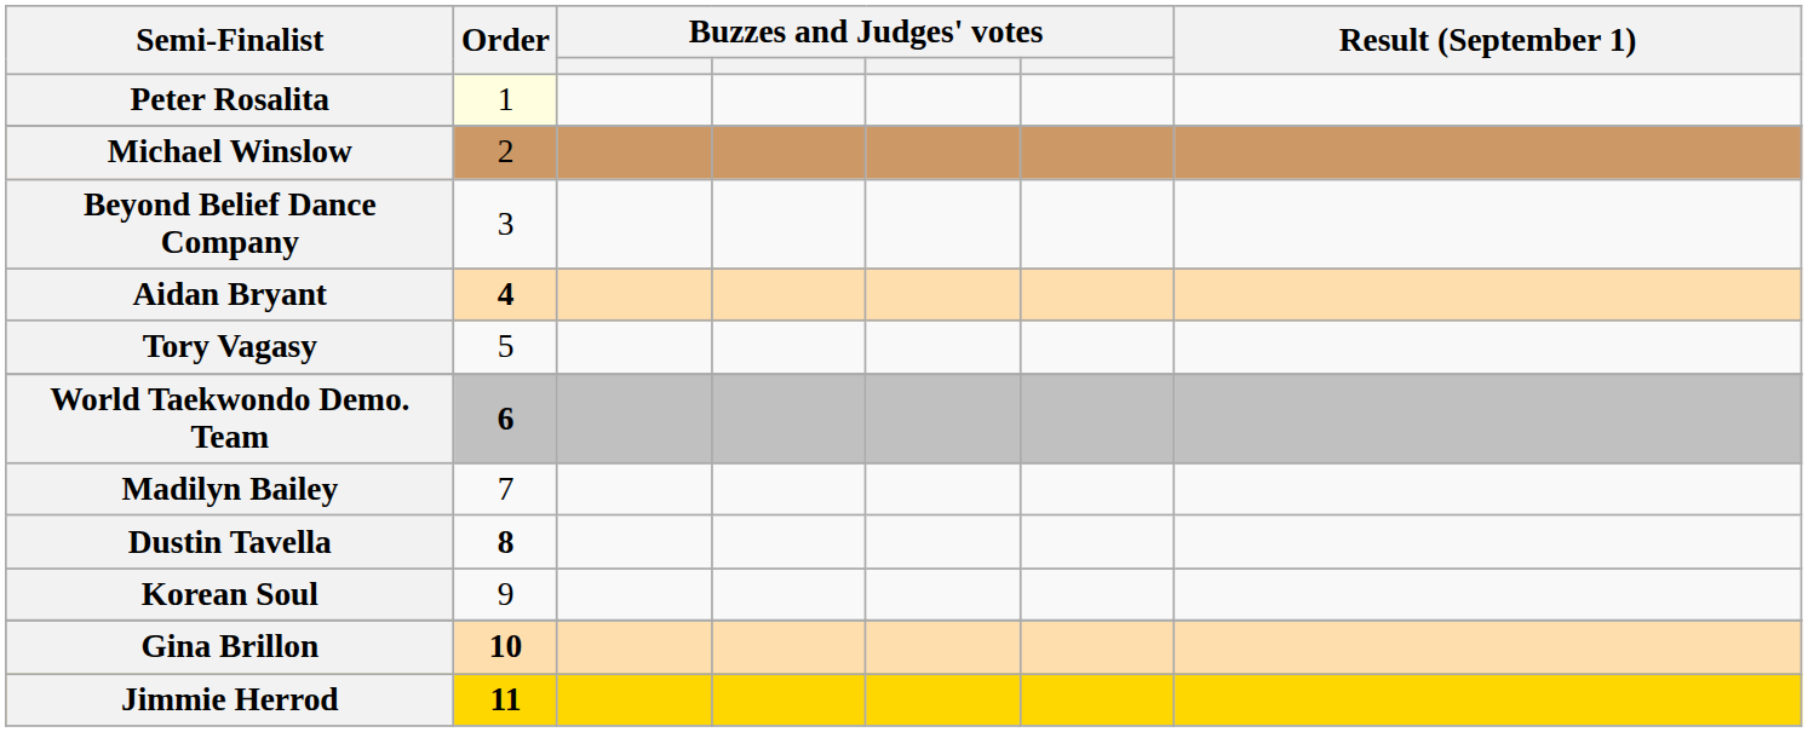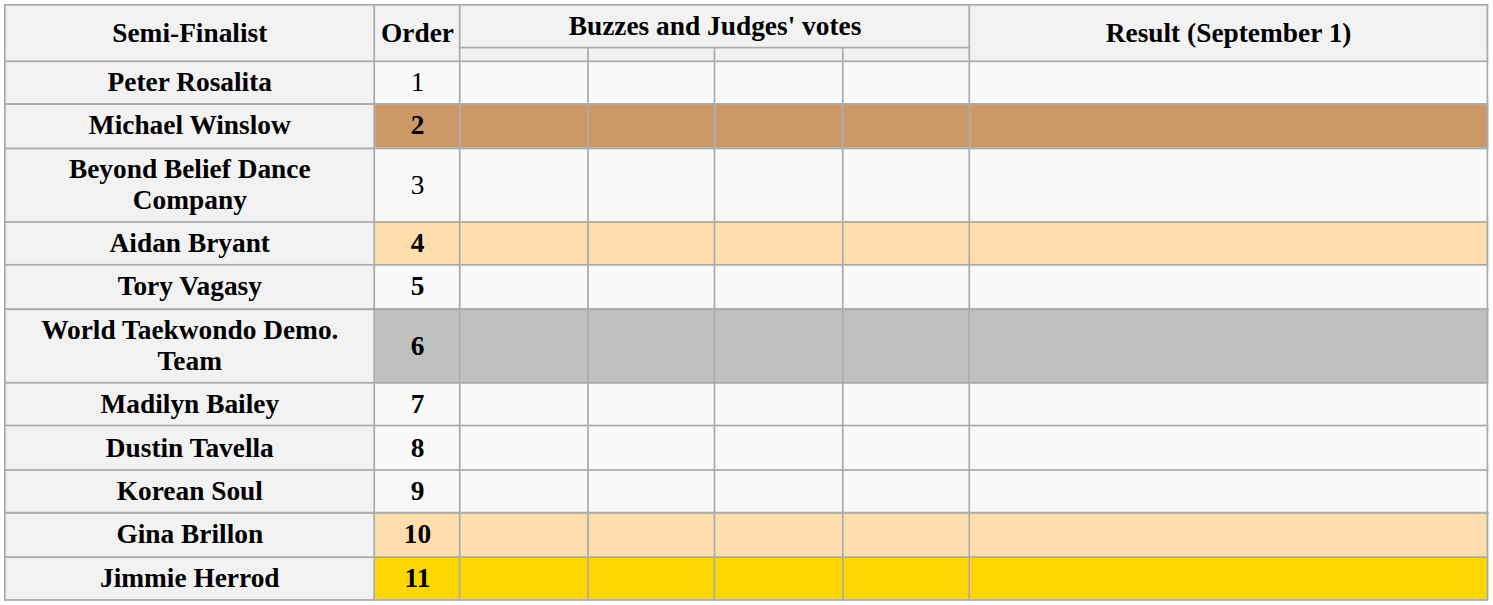 <table class="wikitable plainrowheaders sortable" style="text-align:center;">
 <tr>
 <th scope="col" rowspan="2" class="unsortable" style="width:17em;">Semi-Finalist</th>
 <th scope="col" rowspan="2" style="width:1em;">Order</th>
 <th scope="col" colspan="4" class="unsortable" style="width:24em;">Buzzes and Judges' votes</th>
 <th scope="col" rowspan="2" style="width:25em;">Result (September 1)</th>
 </tr>
 <tr>
 <th scope="col" class="unsortable" style="width:6em;"></th>
 <th scope="col" class="unsortable" style="width:6em;"></th>
 <th scope="col" class="unsortable" style="width:6em;"></th>
 <th scope="col" class="unsortable" style="width:6em;"></th>
 </tr>
 <tr>
 <th scope="row">Peter Rosalita</th>
-<td style="background: lightyellow;">1</td>
+<td>1</td>
 <td style="text-align:center;"></td>
 <td style="text-align:center;"></td>
 <td style="text-align:center;"></td>
 <td style="text-align:center;"></td>
 <td></td>
 </tr>
 <tr>
 </tr>
 <tr style="background:#c96">
 <th scope="row">Michael Winslow</th>
-<td>2</td>
+<td><strong>2</strong></td>
 <td style="text-align:center;"></td>
 <td style="text-align:center;"></td>
 <td style="text-align:center;"></td>
 <td style="text-align:center;"></td>
 <td></td>
 </tr>
 <tr>
 <th scope="row">Beyond Belief Dance Company</th>
 <td>3</td>
 <td style="text-align:center;"></td>
 <td style="text-align:center;"></td>
 <td style="text-align:center;"></td>
 <td style="text-align:center;"></td>
 <td></td>
 </tr>
 <tr style="background:NavajoWhite">
 <th scope="row"><strong>Aidan Bryant</strong></th>
 <td><strong>4</strong></td>
 <td style="text-align:center;"></td>
 <td style="text-align:center;"></td>
 <td style="text-align:center;"></td>
 <td style="text-align:center;"></td>
 <td><strong></strong></td>
 </tr>
 <tr>
 <th scope="row">Tory Vagasy</th>
-<td>5</td>
+<td><strong>5</strong></td>
 <td style="text-align:center;"></td>
 <td style="text-align:center;"></td>
 <td style="text-align:center;"></td>
 <td style="text-align:center;"></td>
 <td></td>
 </tr>
 <tr>
 </tr>
 <tr style="background:silver">
 <th scope="row"><strong>World Taekwondo Demo. Team</strong></th>
 <td><strong>6</strong></td>
 <td style="text-align:center;"></td>
 <td style="text-align:center;"></td>
 <td style="text-align:center;"></td>
 <td style="text-align:center;"></td>
 <td><strong></strong></td>
 </tr>
 <tr>
 <th scope="row">Madilyn Bailey</th>
-<td>7</td>
+<td><strong>7</strong></td>
 <td style="text-align:center;"></td>
 <td style="text-align:center;"></td>
 <td style="text-align:center;"></td>
 <td style="text-align:center;"></td>
 <td></td>
 </tr>
 <tr -style="background:NavajoWhite">
 <th scope="row"><strong>Dustin Tavella</strong></th>
 <td><strong>8</strong></td>
 <td style="text-align:center;"></td>
 <td style="text-align:center;"></td>
 <td style="text-align:center;"></td>
 <td style="text-align:center;"></td>
 <td><strong></strong></td>
 </tr>
 <tr>
 <th scope="row">Korean Soul</th>
-<td>9</td>
+<td><strong>9</strong></td>
 <td style="text-align:center;"></td>
 <td style="text-align:center;"></td>
 <td style="text-align:center;"></td>
 <td style="text-align:center;"></td>
 <td></td>
 </tr>
 <tr>
 </tr>
 <tr style="background:NavajoWhite">
 <th scope="row"><strong>Gina Brillon</strong></th>
 <td><strong>10</strong></td>
 <td style="text-align:center;"></td>
 <td style="text-align:center;"></td>
 <td style="text-align:center;"></td>
 <td style="text-align:center;"></td>
 <td><strong></strong></td>
 </tr>
 <tr style="background:gold">
 <th scope="row"><strong>Jimmie Herrod</strong></th>
 <td><strong>11</strong></td>
 <td style="text-align:center;"></td>
 <td style="text-align:center;"></td>
 <td style="text-align:center;"></td>
 <td style="text-align:center;"></td>
 <td><strong></strong></td>
 </tr>
 </table>
